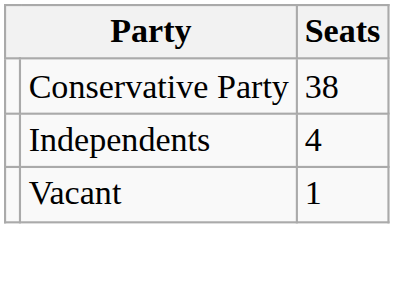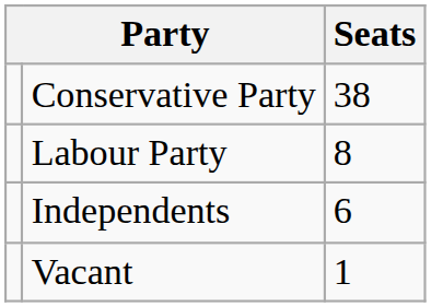 <table class="wikitable">
 <tr>
 <th colspan="2">Party</th>
 <th>Seats</th>
 </tr>
 <tr>
 <td style="color:inherit;background:"></td>
 <td>Conservative Party</td>
 <td>38</td>
 </tr>
 <tr>
 <td style="color:inherit;background:"></td>
+<td>Labour Party</td>
+<td>8</td>
+</tr>
+<tr>
+<td style="color:inherit;background:"></td>
 <td>Independents</td>
-<td>4</td>
+<td>6</td>
 </tr>
 <tr>
 <td style="color:inherit;background:"></td>
 <td>Vacant</td>
 <td>1</td>
 </tr>
 </table>
